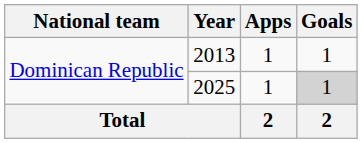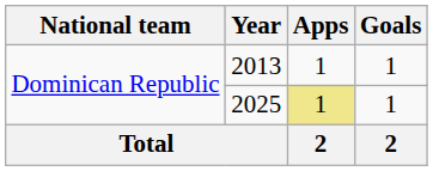 <table class="wikitable" style="text-align:center">
 <tr>
 <th>National team</th>
 <th>Year</th>
 <th>Apps</th>
 <th>Goals</th>
 </tr>
 <tr>
 <td rowspan=2><a href='#'>Dominican Republic</a></td>
 <td>2013</td>
 <td>1</td>
 <td>1</td>
 </tr>
 <tr>
 <td>2025</td>
+<td style="background: khaki;">1</td>
 <td>1</td>
-<td style="background: lightgrey;">1</td>
 </tr>
 <tr>
 <th colspan=2>Total</th>
 <th>2</th>
 <th>2</th>
 </tr>
 </table>
